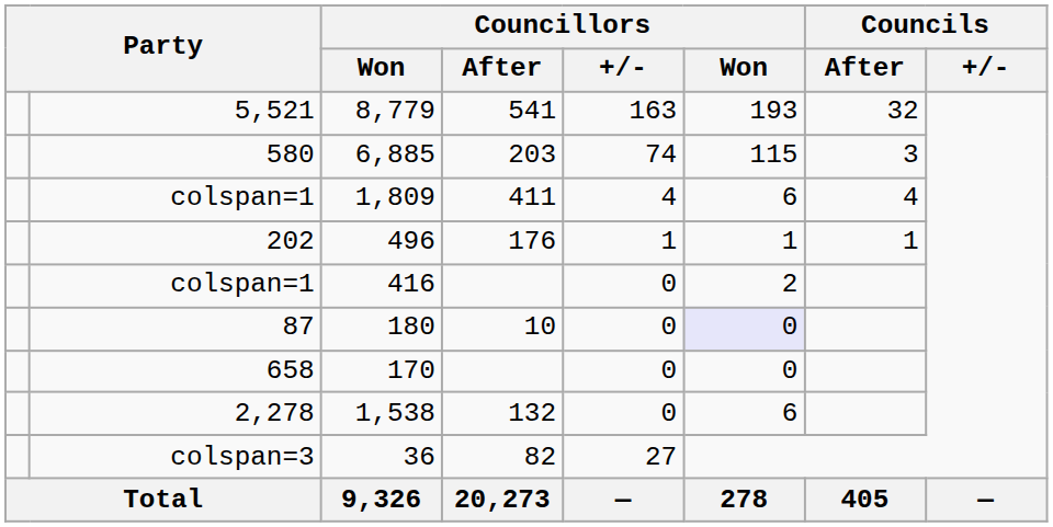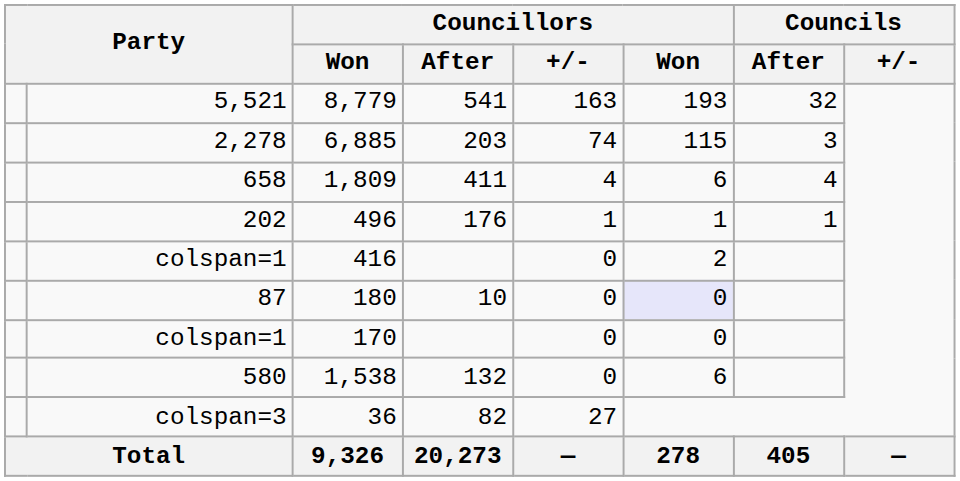 <table id="results" class="wikitable " style="text-align:right; font-size:95%;">
 <tr>
 <th colspan="2" rowspan="2" style="width:140px;">Party</th>
 <th colspan="4">Councillors</th>
 <th colspan="3">Councils</th>
 </tr>
 <tr>
 <th style="width:50px; ">Won</th>
 <th style="width:50px;">After</th>
 <th style="width:50px;">+/-</th>
 <th style="width:50px;">Won</th>
 <th style="width:50px;">After</th>
 <th style="width:50px;">+/-</th>
 </tr>
 <tr>
 <td></td>
 <td>5,521</td>
 <td>8,779</td>
 <td>541</td>
 <td>163</td>
 <td>193</td>
 <td>32</td>
 </tr>
 <tr>
 <td></td>
-<td>580</td>
+<td>2,278</td>
 <td>6,885</td>
 <td>203</td>
 <td>74</td>
 <td>115</td>
 <td>3</td>
 </tr>
 <tr>
 <td></td>
-<td>colspan=1 </td>
+<td>658</td>
 <td>1,809</td>
 <td>411</td>
 <td>4</td>
 <td>6</td>
 <td>4</td>
 </tr>
 <tr>
 <td></td>
 <td>202</td>
 <td>496</td>
 <td>176</td>
 <td>1</td>
 <td>1</td>
 <td>1</td>
 </tr>
 <tr>
 <td></td>
 <td>colspan=1 </td>
 <td>416</td>
 <td></td>
 <td>0</td>
 <td>2</td>
 <td></td>
 </tr>
 <tr>
 <td></td>
 <td>87</td>
 <td>180</td>
 <td>10</td>
 <td>0</td>
 <td style="background: lavender;">0</td>
 <td></td>
 </tr>
 <tr>
 <td></td>
-<td>658</td>
+<td>colspan=1 </td>
 <td>170</td>
 <td></td>
 <td>0</td>
 <td>0</td>
 <td></td>
 </tr>
 <tr>
 <td></td>
-<td>2,278</td>
+<td>580</td>
 <td>1,538</td>
 <td>132</td>
 <td>0</td>
 <td>6</td>
 <td></td>
 </tr>
 <tr>
 <td></td>
 <td>colspan=3 </td>
 <td>36</td>
 <td>82</td>
 <td>27</td>
 </tr>
 <tr>
 <th colspan="2" style="background:#f2f2f2 ">Total</th>
 <th style="background:#f2f2f2;"><strong>9,326</strong></th>
 <th style="background:#f2f2f2;"><strong>20,273</strong></th>
 <th style="background:#f2f2f2;"><strong>—</strong></th>
 <th style="background:#f2f2f2;"><strong>278</strong></th>
 <th style="background:#f2f2f2;"><strong>405</strong></th>
 <th style="background:#f2f2f2;"><strong>—</strong></th>
 </tr>
 </table>
